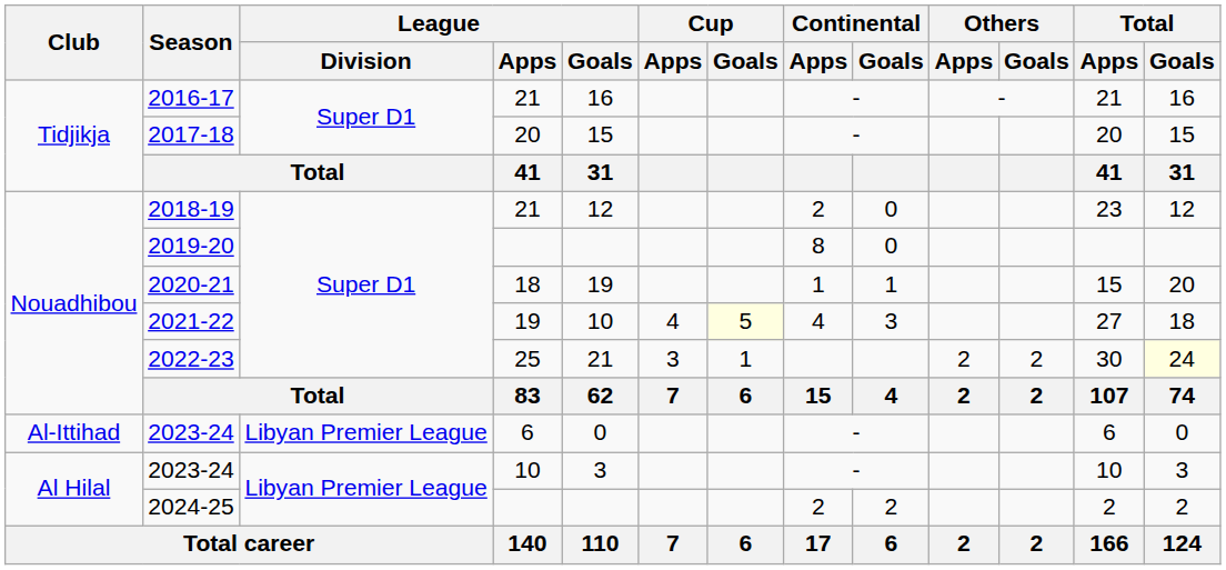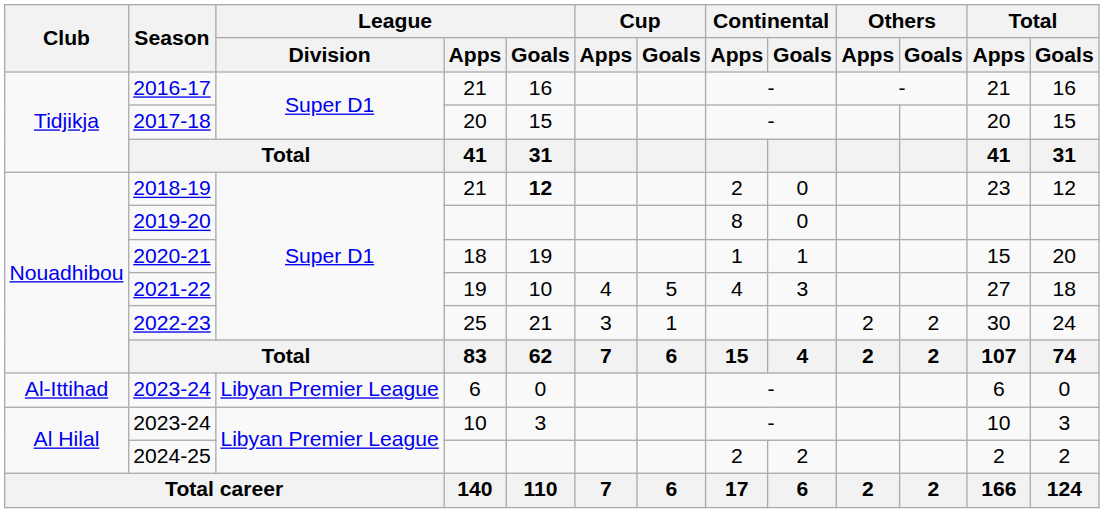 <table class="wikitable" style="text-align:center;">
 <tr>
 <th rowspan=2>Club</th>
 <th rowspan=2>Season</th>
 <th colspan=3>League</th>
 <th colspan=2>Cup</th>
 <th colspan=2>Continental</th>
 <th colspan=2>Others</th>
 <th colspan=2>Total</th>
 </tr>
 <tr>
 <th>Division</th>
 <th>Apps</th>
 <th>Goals</th>
 <th>Apps</th>
 <th>Goals</th>
 <th>Apps</th>
 <th>Goals</th>
 <th>Apps</th>
 <th>Goals</th>
 <th>Apps</th>
 <th>Goals</th>
 </tr>
 <tr>
 <td rowspan=3><a href='#'>Tidjikja</a></td>
 <td><a href='#'>2016-17</a></td>
 <td rowspan=2><a href='#'>Super D1</a></td>
 <td>21</td>
 <td>16</td>
 <td></td>
 <td></td>
 <td colspan=2>-</td>
 <td colspan=2>-</td>
 <td>21</td>
 <td>16</td>
 </tr>
 <tr>
 <td><a href='#'>2017-18</a></td>
 <td>20</td>
 <td>15</td>
 <td></td>
 <td></td>
 <td colspan=2>-</td>
 <td></td>
 <td></td>
 <td>20</td>
 <td>15</td>
 </tr>
 <tr>
 <th colspan=2>Total</th>
 <th>41</th>
 <th>31</th>
 <th></th>
 <th></th>
 <th></th>
 <th></th>
 <th></th>
 <th></th>
 <th>41</th>
 <th>31</th>
 </tr>
 <tr>
 <td rowspan=6><a href='#'>Nouadhibou</a></td>
 <td><a href='#'>2018-19</a></td>
 <td rowspan=5><a href='#'>Super D1</a></td>
 <td>21</td>
-<td>12</td>
+<td><strong>12</strong></td>
 <td></td>
 <td></td>
 <td>2</td>
 <td>0</td>
 <td></td>
 <td></td>
 <td>23</td>
 <td>12</td>
 </tr>
 <tr>
 <td><a href='#'>2019-20</a></td>
 <td></td>
 <td></td>
 <td></td>
 <td></td>
 <td>8</td>
 <td>0</td>
 <td></td>
 <td></td>
 <td></td>
 <td></td>
 </tr>
 <tr>
 <td><a href='#'>2020-21</a></td>
 <td>18</td>
 <td>19</td>
 <td></td>
 <td></td>
 <td>1</td>
 <td>1</td>
 <td></td>
 <td></td>
 <td>15</td>
 <td>20</td>
 </tr>
 <tr>
 <td><a href='#'>2021-22</a></td>
 <td>19</td>
 <td>10</td>
 <td>4</td>
-<td style="background: lightyellow;">5</td>
+<td>5</td>
 <td>4</td>
 <td>3</td>
 <td></td>
 <td></td>
 <td>27</td>
 <td>18</td>
 </tr>
 <tr>
 <td><a href='#'>2022-23</a></td>
 <td>25</td>
 <td>21</td>
 <td>3</td>
 <td>1</td>
 <td></td>
 <td></td>
 <td>2</td>
 <td>2</td>
 <td>30</td>
-<td style="background: lightyellow;">24</td>
+<td>24</td>
 </tr>
 <tr>
 <th colspan=2>Total</th>
 <th>83</th>
 <th>62</th>
 <th>7</th>
 <th>6</th>
 <th>15</th>
 <th>4</th>
 <th>2</th>
 <th>2</th>
 <th>107</th>
 <th>74</th>
 </tr>
 <tr>
 <td><a href='#'>Al-Ittihad</a></td>
 <td><a href='#'>2023-24</a></td>
 <td><a href='#'>Libyan Premier League</a></td>
 <td>6</td>
 <td>0</td>
 <td></td>
 <td></td>
 <td colspan=2>-</td>
 <td></td>
 <td></td>
 <td>6</td>
 <td>0</td>
 </tr>
 <tr>
 <td rowspan=2><a href='#'>Al Hilal</a></td>
 <td>2023-24</td>
 <td rowspan=2><a href='#'>Libyan Premier League</a></td>
 <td>10</td>
 <td>3</td>
 <td></td>
 <td></td>
 <td colspan=2>-</td>
 <td></td>
 <td></td>
 <td>10</td>
 <td>3</td>
 </tr>
 <tr>
 <td>2024-25</td>
 <td></td>
 <td></td>
 <td></td>
 <td></td>
 <td>2</td>
 <td>2</td>
 <td></td>
 <td></td>
 <td>2</td>
 <td>2</td>
 </tr>
 <tr>
 <th colspan=3>Total career</th>
 <th>140</th>
 <th>110</th>
 <th>7</th>
 <th>6</th>
 <th>17</th>
 <th>6</th>
 <th>2</th>
 <th>2</th>
 <th>166</th>
 <th>124</th>
 </tr>
 </table>
